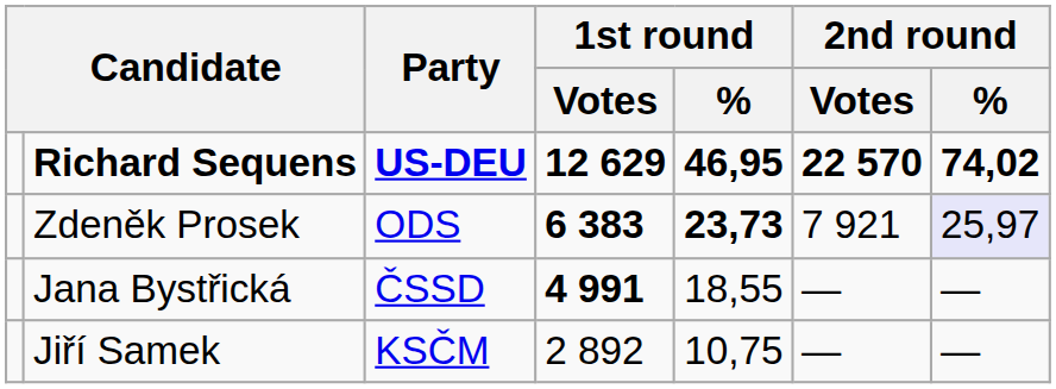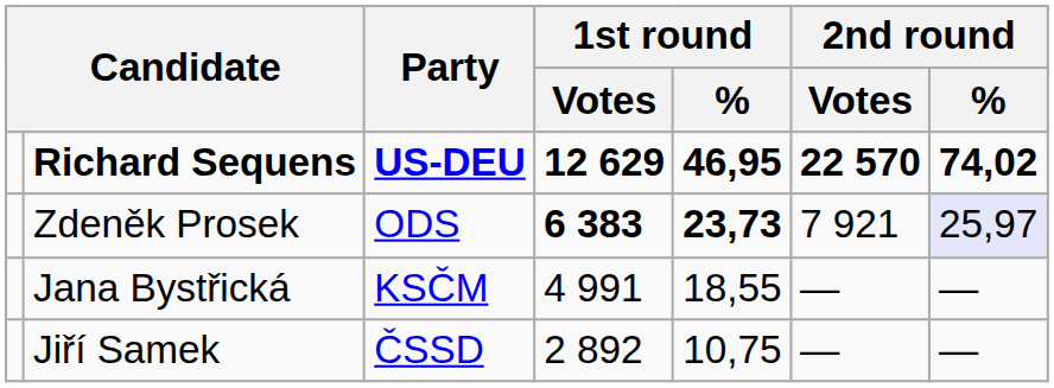 <table class="wikitable sortable">
 <tr>
 <th colspan="2" rowspan="2">Candidate</th>
 <th rowspan="2">Party</th>
 <th colspan="2">1st round</th>
 <th colspan="2">2nd round</th>
 </tr>
 <tr>
 <th>Votes</th>
 <th>%</th>
 <th>Votes</th>
 <th>%</th>
 </tr>
 <tr>
 <td style="background-color:"></td>
 <td><strong>Richard Sequens</strong></td>
 <td><a href='#'><strong>US-DEU</strong></a></td>
 <td><strong>12 629</strong></td>
 <td><strong>46,95</strong></td>
 <td><strong>22 570</strong></td>
 <td><strong>74,02</strong></td>
 </tr>
 <tr>
 <td style="background-color:"></td>
 <td>Zdeněk Prosek</td>
 <td><a href='#'>ODS</a></td>
 <td><strong>6 383</strong></td>
 <td><strong>23,73</strong></td>
 <td>7 921</td>
 <td style="background: lavender;">25,97</td>
 </tr>
 <tr>
 <td style="background-color:"></td>
 <td>Jana Bystřická</td>
-<td><a href='#'>ČSSD</a></td>
-<td><strong>4 991</strong></td>
+<td><a href='#'>KSČM</a></td>
+<td>4 991</td>
 <td>18,55</td>
 <td>—</td>
 <td>—</td>
 </tr>
 <tr>
 <td style="background-color:"></td>
 <td>Jiří Samek</td>
-<td><a href='#'>KSČM</a></td>
+<td><a href='#'>ČSSD</a></td>
 <td>2 892</td>
 <td>10,75</td>
 <td>—</td>
 <td>—</td>
 </tr>
 </table>
